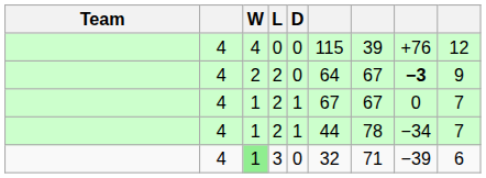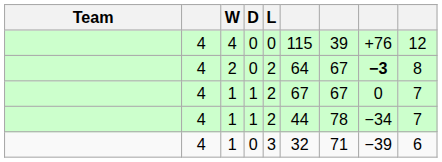 <table class="wikitable" style="text-align:center; font-size:95%;">
 <tr>
 <th width=160>Team</th>
 <th width=30></th>
 <th>W</th>
+<th>D</th>
 <th>L</th>
-<th>D</th>
 <th width=30></th>
 <th width=30></th>
 <th width=30></th>
 <th width=30></th>
 </tr>
 <tr style="background:#ccffcc">
 <td align=left></td>
 <td>4</td>
 <td>4</td>
 <td>0</td>
 <td>0</td>
 <td>115</td>
 <td>39</td>
 <td>+76</td>
 <td>12</td>
 </tr>
 <tr style="background:#ccffcc">
 <td align=left></td>
 <td>4</td>
 <td>2</td>
+<td>0</td>
 <td>2</td>
-<td>0</td>
 <td>64</td>
 <td>67</td>
 <td><strong>−3</strong></td>
-<td>9</td>
+<td>8</td>
 </tr>
 <tr style="background:#ccffcc">
 <td align=left></td>
 <td>4</td>
 <td>1</td>
+<td>1</td>
 <td>2</td>
-<td>1</td>
 <td>67</td>
 <td>67</td>
 <td>0</td>
 <td>7</td>
 </tr>
 <tr style="background:#ccffcc">
 <td align=left></td>
 <td>4</td>
 <td>1</td>
+<td>1</td>
 <td>2</td>
-<td>1</td>
 <td>44</td>
 <td>78</td>
 <td>−34</td>
 <td>7</td>
 </tr>
 <tr>
 <td align=left></td>
 <td>4</td>
-<td style="background: lightgreen;">1</td>
+<td>1</td>
+<td>0</td>
 <td>3</td>
-<td>0</td>
 <td>32</td>
 <td>71</td>
 <td>−39</td>
 <td>6</td>
 </tr>
 </table>
